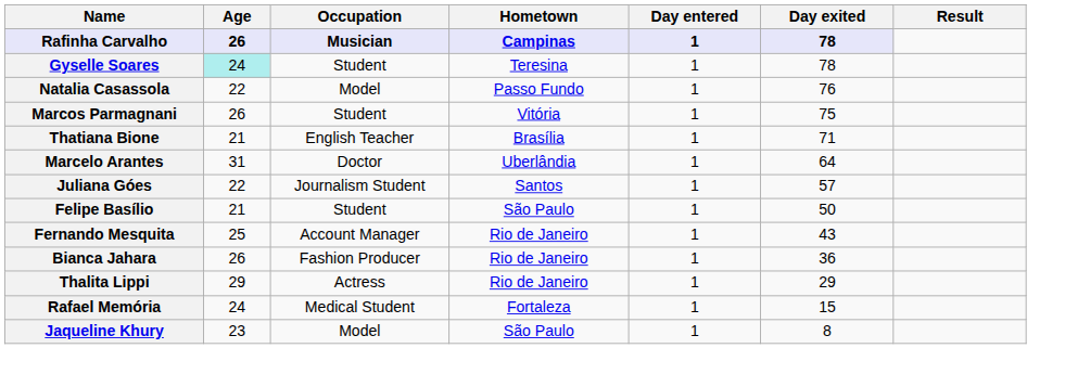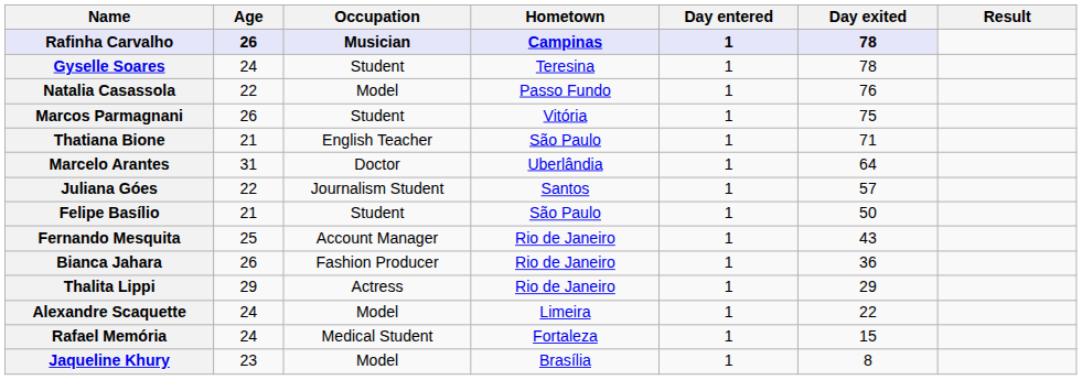 <table class="wikitable sortable" style="text-align:center;">
 <tr>
 <th scope="col" width="15.0%">Name</th>
 <th scope="col" width="05.0%">Age</th>
 <th scope="col" width="13.5%">Occupation</th>
 <th scope="col" width="13.5%">Hometown</th>
 <th scope="col" width="10.0%">Day entered</th>
 <th scope="col" width="10.0%">Day exited</th>
 <th scope="col" width="10.0%">Result</th>
 </tr>
 <tr>
 <td bgcolor="E6E6FA"><strong>Rafinha Carvalho</strong></td>
 <td bgcolor="E6E6FA"><strong>26</strong></td>
 <td bgcolor="E6E6FA"><strong>Musician</strong></td>
 <td bgcolor="E6E6FA"><strong><a href='#'>Campinas</a></strong></td>
 <td bgcolor="E6E6FA"><strong>1</strong></td>
 <td bgcolor="E6E6FA"><strong>78</strong></td>
 <td></td>
 </tr>
 <tr>
 <th><a href='#'>Gyselle Soares</a></th>
-<td style="background: paleturquoise;">24</td>
+<td>24</td>
 <td>Student</td>
 <td><a href='#'>Teresina</a></td>
 <td>1</td>
 <td>78</td>
 <td></td>
 </tr>
 <tr>
 <th>Natalia Casassola</th>
 <td>22</td>
 <td>Model</td>
 <td><a href='#'>Passo Fundo</a></td>
 <td>1</td>
 <td>76</td>
 <td></td>
 </tr>
 <tr>
 <th>Marcos Parmagnani</th>
 <td>26</td>
 <td>Student</td>
 <td><a href='#'>Vitória</a></td>
 <td>1</td>
 <td>75</td>
 <td></td>
 </tr>
 <tr>
 <th>Thatiana Bione</th>
 <td>21</td>
 <td>English Teacher</td>
-<td><a href='#'>Brasília</a></td>
+<td><a href='#'>São Paulo</a></td>
 <td>1</td>
 <td>71</td>
 <td></td>
 </tr>
 <tr>
 <th>Marcelo Arantes</th>
 <td>31</td>
 <td>Doctor</td>
 <td><a href='#'>Uberlândia</a></td>
 <td>1</td>
 <td>64</td>
 <td></td>
 </tr>
 <tr>
 <th>Juliana Góes</th>
 <td>22</td>
 <td>Journalism Student</td>
 <td><a href='#'>Santos</a></td>
 <td>1</td>
 <td>57</td>
 <td></td>
 </tr>
 <tr>
 <th>Felipe Basílio</th>
 <td>21</td>
 <td>Student</td>
 <td><a href='#'>São Paulo</a></td>
 <td>1</td>
 <td>50</td>
 <td></td>
 </tr>
 <tr>
 <th>Fernando Mesquita</th>
 <td>25</td>
 <td>Account Manager</td>
 <td><a href='#'>Rio de Janeiro</a></td>
 <td>1</td>
 <td>43</td>
 <td></td>
 </tr>
 <tr>
 <th>Bianca Jahara</th>
 <td>26</td>
 <td>Fashion Producer</td>
 <td><a href='#'>Rio de Janeiro</a></td>
 <td>1</td>
 <td>36</td>
 <td></td>
 </tr>
 <tr>
 <th>Thalita Lippi</th>
 <td>29</td>
 <td>Actress</td>
 <td><a href='#'>Rio de Janeiro</a></td>
 <td>1</td>
 <td>29</td>
 <td></td>
 </tr>
 <tr>
+<th>Alexandre Scaquette</th>
+<td>24</td>
+<td>Model</td>
+<td><a href='#'>Limeira</a></td>
+<td>1</td>
+<td>22</td>
+<td></td>
+</tr>
+<tr>
 <th>Rafael Memória</th>
 <td>24</td>
 <td>Medical Student</td>
 <td><a href='#'>Fortaleza</a></td>
 <td>1</td>
 <td>15</td>
 <td></td>
 </tr>
 <tr>
 <th><a href='#'>Jaqueline Khury</a></th>
 <td>23</td>
 <td>Model</td>
-<td><a href='#'>São Paulo</a></td>
+<td><a href='#'>Brasília</a></td>
 <td>1</td>
 <td>8</td>
 <td></td>
 </tr>
 </table>
